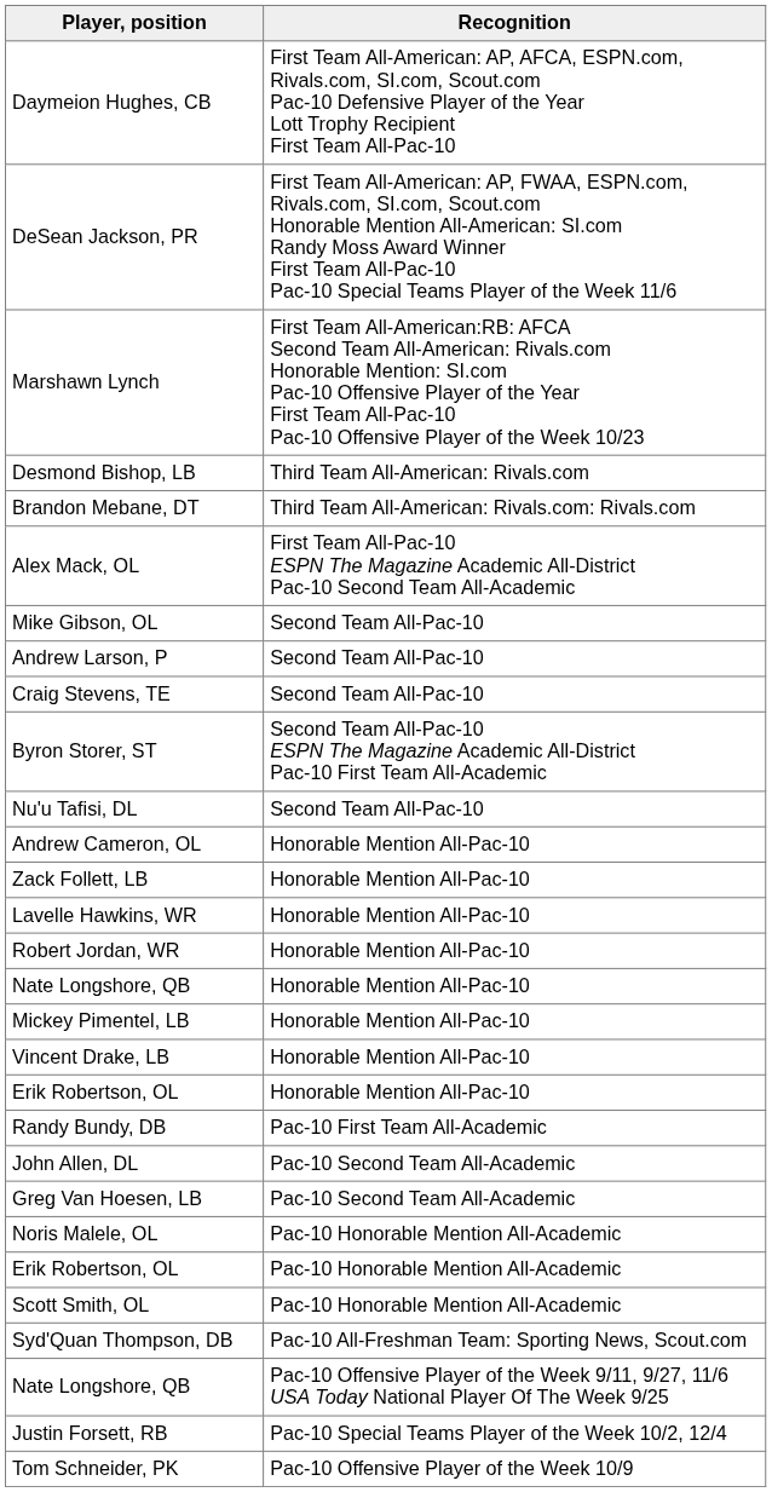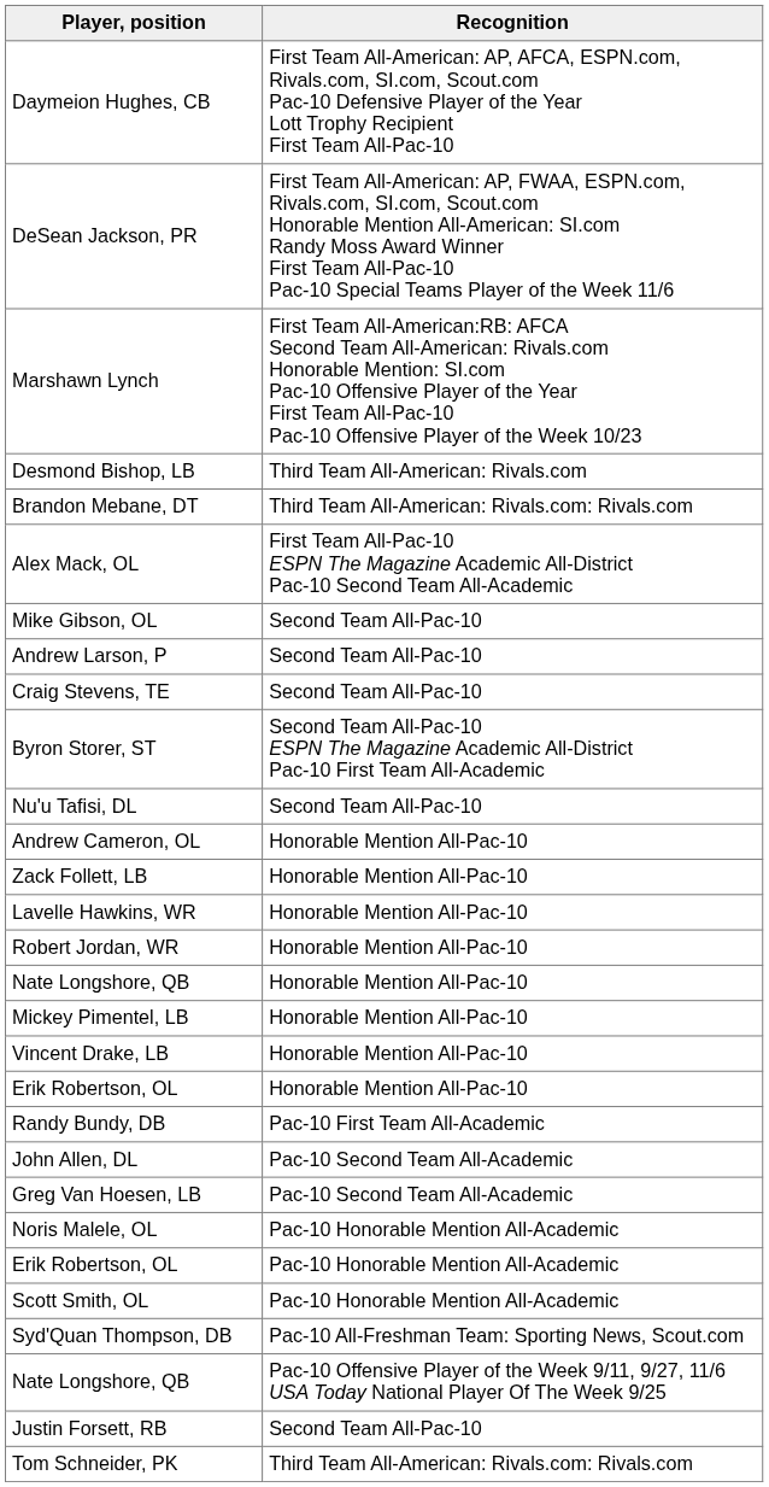 <table border="1" cellpadding="5" cellspacing="1" style="border-collapse: collapse">
 <tr style="background:#EFEFEF">
 <th style="width:200px;">Player, position</th>
 <th style="width:400px;">Recognition</th>
 </tr>
 <tr>
 <td>Daymeion Hughes, CB</td>
 <td>First Team All-American: AP, AFCA, ESPN.com, Rivals.com, SI.com, Scout.com<br>Pac-10 Defensive Player of the Year<br>Lott Trophy Recipient<br>First Team All-Pac-10</td>
 </tr>
 <tr>
 <td>DeSean Jackson, PR</td>
 <td>First Team All-American: AP, FWAA, ESPN.com, Rivals.com, SI.com, Scout.com<br>Honorable Mention All-American: SI.com<br>Randy Moss Award Winner<br>First Team All-Pac-10<br>Pac-10 Special Teams Player of the Week 11/6</td>
 </tr>
 <tr>
 <td>Marshawn Lynch</td>
 <td>First Team All-American:RB: AFCA<br>Second Team All-American: Rivals.com<br>Honorable Mention: SI.com<br>Pac-10 Offensive Player of the Year<br>First Team All-Pac-10<br>Pac-10 Offensive Player of the Week 10/23</td>
 </tr>
 <tr>
 <td>Desmond Bishop, LB</td>
 <td>Third Team All-American: Rivals.com</td>
 </tr>
 <tr>
 <td>Brandon Mebane, DT</td>
 <td>Third Team All-American: Rivals.com: Rivals.com</td>
 </tr>
 <tr>
 <td>Alex Mack, OL</td>
 <td>First Team All-Pac-10<br><em>ESPN The Magazine</em> Academic All-District<br>Pac-10 Second Team All-Academic</td>
 </tr>
 <tr>
 <td>Mike Gibson, OL</td>
 <td>Second Team All-Pac-10</td>
 </tr>
 <tr>
 <td>Andrew Larson, P</td>
 <td>Second Team All-Pac-10</td>
 </tr>
 <tr>
 <td>Craig Stevens, TE</td>
 <td>Second Team All-Pac-10</td>
 </tr>
 <tr>
 <td>Byron Storer, ST</td>
 <td>Second Team All-Pac-10<br><em>ESPN The Magazine</em> Academic All-District<br>Pac-10 First Team All-Academic</td>
 </tr>
 <tr>
 <td>Nu'u Tafisi, DL</td>
 <td>Second Team All-Pac-10</td>
 </tr>
 <tr>
 <td>Andrew Cameron, OL</td>
 <td>Honorable Mention All-Pac-10</td>
 </tr>
 <tr>
 <td>Zack Follett, LB</td>
 <td>Honorable Mention All-Pac-10</td>
 </tr>
 <tr>
 <td>Lavelle Hawkins, WR</td>
 <td>Honorable Mention All-Pac-10</td>
 </tr>
 <tr>
 <td>Robert Jordan, WR</td>
 <td>Honorable Mention All-Pac-10</td>
 </tr>
 <tr>
 <td>Nate Longshore, QB</td>
 <td>Honorable Mention All-Pac-10</td>
 </tr>
 <tr>
 <td>Mickey Pimentel, LB</td>
 <td>Honorable Mention All-Pac-10</td>
 </tr>
 <tr>
 <td>Vincent Drake, LB</td>
 <td>Honorable Mention All-Pac-10</td>
 </tr>
 <tr>
 <td>Erik Robertson, OL</td>
 <td>Honorable Mention All-Pac-10</td>
 </tr>
 <tr>
 <td>Randy Bundy, DB</td>
 <td>Pac-10 First Team All-Academic</td>
 </tr>
 <tr>
 <td>John Allen, DL</td>
 <td>Pac-10 Second Team All-Academic</td>
 </tr>
 <tr>
 <td>Greg Van Hoesen, LB</td>
 <td>Pac-10 Second Team All-Academic</td>
 </tr>
 <tr>
 <td>Noris Malele, OL</td>
 <td>Pac-10 Honorable Mention All-Academic</td>
 </tr>
 <tr>
 <td>Erik Robertson, OL</td>
 <td>Pac-10 Honorable Mention All-Academic</td>
 </tr>
 <tr>
 <td>Scott Smith, OL</td>
 <td>Pac-10 Honorable Mention All-Academic</td>
 </tr>
 <tr>
 <td>Syd'Quan Thompson, DB</td>
 <td>Pac-10 All-Freshman Team: Sporting News, Scout.com</td>
 </tr>
 <tr>
 <td>Nate Longshore, QB</td>
 <td>Pac-10 Offensive Player of the Week 9/11, 9/27, 11/6<br><em>USA Today</em> National Player Of The Week 9/25</td>
 </tr>
 <tr>
 <td>Justin Forsett, RB</td>
-<td>Pac-10 Special Teams Player of the Week 10/2, 12/4</td>
+<td>Second Team All-Pac-10</td>
 </tr>
 <tr>
 <td>Tom Schneider, PK</td>
-<td>Pac-10 Offensive Player of the Week 10/9</td>
+<td>Third Team All-American: Rivals.com: Rivals.com</td>
 </tr>
 </table>
